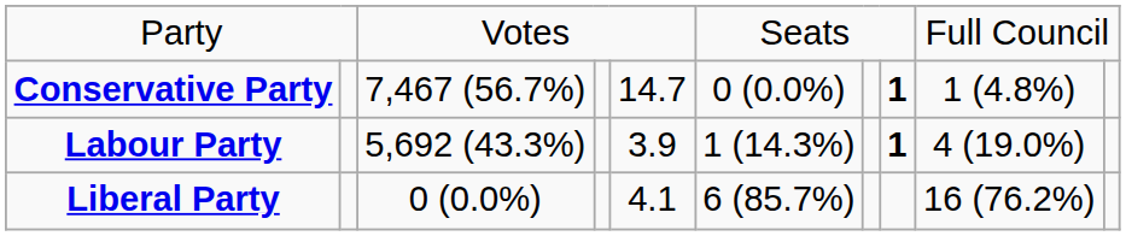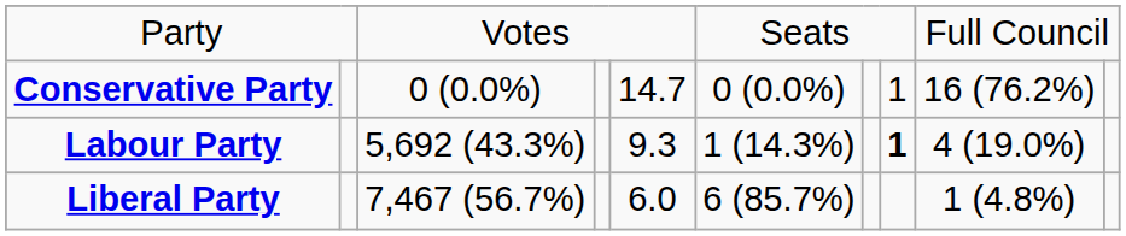 <table class=wikitable style="text-align:center;">
 <tr>
 <td colspan=2>Party</td>
 <td colspan=3>Votes</td>
 <td colspan=3>Seats</td>
 <td colspan=3>Full Council</td>
 </tr>
 <tr>
 <td><strong><a href='#'>Conservative Party</a></strong></td>
 <td style="background:"></td>
-<td>7,467 (56.7%)</td>
+<td>0 (0.0%)</td>
 <td></td>
 <td> 14.7</td>
 <td>0 (0.0%)</td>
 <td></td>
-<td><strong> 1</strong></td>
-<td>1 (4.8%)</td>
+<td> 1</td>
+<td>16 (76.2%)</td>
 <td></td>
 </tr>
 <tr>
 <td><strong><a href='#'>Labour Party</a></strong></td>
 <td style="background:"></td>
 <td>5,692 (43.3%)</td>
 <td></td>
-<td> 3.9</td>
+<td> 9.3</td>
 <td>1 (14.3%)</td>
 <td></td>
 <td><strong> 1</strong></td>
 <td>4 (19.0%)</td>
 <td></td>
 </tr>
 <tr>
 <td><strong><a href='#'>Liberal Party</a></strong></td>
 <td style="background:"></td>
-<td>0 (0.0%)</td>
+<td>7,467 (56.7%)</td>
 <td></td>
-<td> 4.1</td>
+<td> 6.0</td>
 <td>6 (85.7%)</td>
 <td></td>
 <td></td>
-<td>16 (76.2%)</td>
+<td>1 (4.8%)</td>
 <td></td>
 </tr>
 </table>
